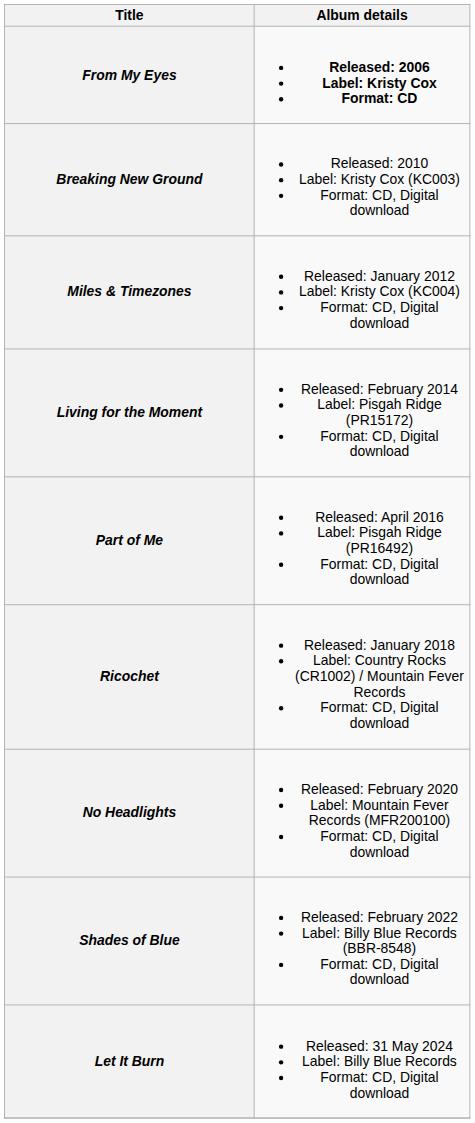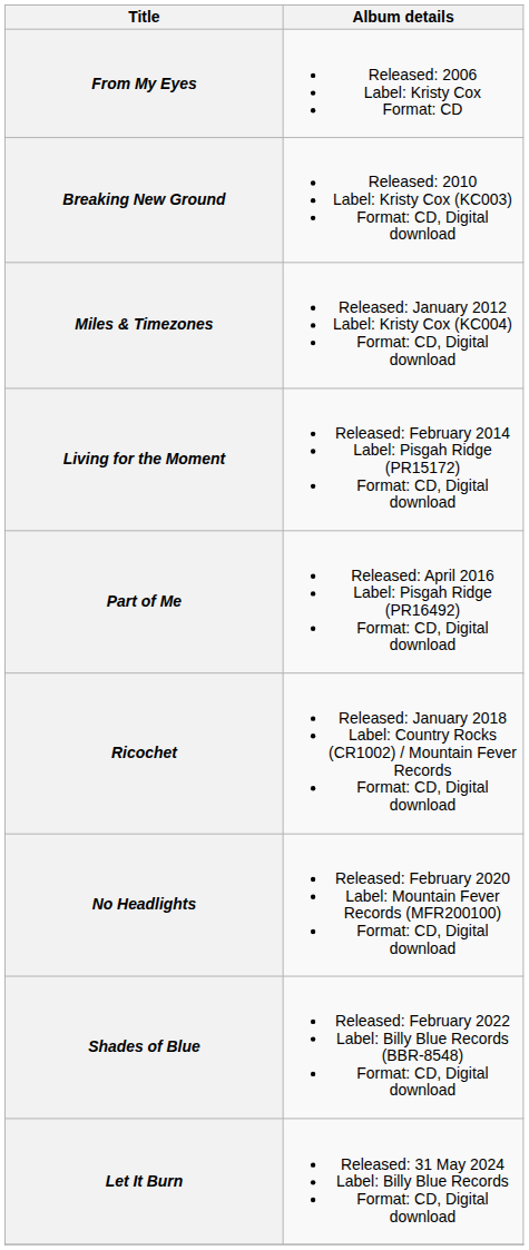 <table class="wikitable plainrowheaders" style="text-align:center;" border="1">
 <tr>
 <th scope="col" style="width:17.5em;">Title</th>
 <th scope="col" style="width:15em;">Album details</th>
 </tr>
 <tr>
 <th scope="row"><em>From My Eyes</em></th>
-<td><strong><br><ul><li>Released: 2006</li><li>Label: Kristy Cox</li><li>Format: CD</li></ul></strong></td>
+<td><br><ul><li>Released: 2006</li><li>Label: Kristy Cox</li><li>Format: CD</li></ul></td>
 </tr>
 <tr>
 <th scope="row"><em>Breaking New Ground</em></th>
 <td><br><ul><li>Released: 2010</li><li>Label: Kristy Cox (KC003)</li><li>Format: CD, Digital download</li></ul></td>
 </tr>
 <tr>
 <th scope="row"><em>Miles & Timezones</em></th>
 <td><br><ul><li>Released: January 2012</li><li>Label: Kristy Cox (KC004)</li><li>Format: CD, Digital download</li></ul></td>
 </tr>
 <tr>
 <th scope="row"><em>Living for the Moment</em></th>
 <td><br><ul><li>Released: February 2014</li><li>Label: Pisgah Ridge (PR15172)</li><li>Format: CD, Digital download</li></ul></td>
 </tr>
 <tr>
 <th scope="row"><em>Part of Me</em></th>
 <td><br><ul><li>Released: April 2016</li><li>Label: Pisgah Ridge (PR16492)</li><li>Format: CD, Digital download</li></ul></td>
 </tr>
 <tr>
 <th scope="row"><em>Ricochet</em></th>
 <td><br><ul><li>Released: January 2018</li><li>Label: Country Rocks (CR1002) / Mountain Fever Records</li><li>Format: CD, Digital download</li></ul></td>
 </tr>
 <tr>
 <th scope="row"><em>No Headlights</em></th>
 <td><br><ul><li>Released: February 2020</li><li>Label: Mountain Fever Records (MFR200100)</li><li>Format: CD, Digital download</li></ul></td>
 </tr>
 <tr>
 <th scope="row"><em>Shades of Blue</em></th>
 <td><br><ul><li>Released: February 2022</li><li>Label: Billy Blue Records (BBR-8548)</li><li>Format: CD, Digital download</li></ul></td>
 </tr>
 <tr>
 <th scope="row"><em>Let It Burn</em></th>
 <td><br><ul><li>Released: 31 May 2024</li><li>Label: Billy Blue Records</li><li>Format: CD, Digital download</li></ul></td>
 </tr>
 <tr>
 </tr>
 </table>
